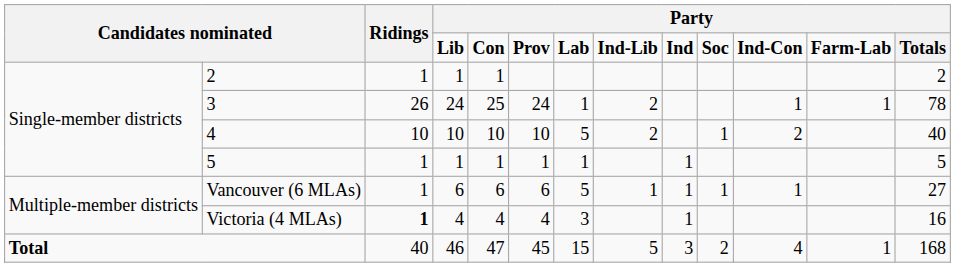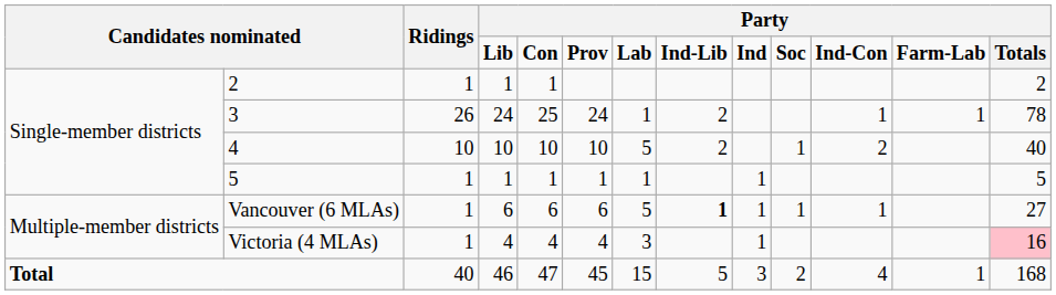 <table class="wikitable" style="text-align:right;">
 <tr>
 <th rowspan="2" colspan="2">Candidates nominated</th>
 <th rowspan="2">Ridings</th>
 <th colspan="13">Party</th>
 </tr>
 <tr>
 <td><strong>Lib</strong></td>
 <td><strong>Con</strong></td>
 <td><strong>Prov</strong></td>
 <td><strong>Lab</strong></td>
 <td><strong>Ind-Lib</strong></td>
 <td><strong>Ind</strong></td>
 <td><strong>Soc</strong></td>
 <td><strong>Ind-Con</strong></td>
 <td><strong>Farm-Lab</strong></td>
 <th>Totals</th>
 </tr>
 <tr>
 <td style="text-align:left;" rowspan="4">Single-member districts</td>
 <td style="text-align:left;">2</td>
 <td>1</td>
 <td>1</td>
 <td>1</td>
 <td></td>
 <td></td>
 <td></td>
 <td></td>
 <td></td>
 <td></td>
 <td></td>
 <td>2</td>
 </tr>
 <tr>
 <td style="text-align:left;">3</td>
 <td>26</td>
 <td>24</td>
 <td>25</td>
 <td>24</td>
 <td>1</td>
 <td>2</td>
 <td></td>
 <td></td>
 <td>1</td>
 <td>1</td>
 <td>78</td>
 </tr>
 <tr>
 <td style="text-align:left;">4</td>
 <td>10</td>
 <td>10</td>
 <td>10</td>
 <td>10</td>
 <td>5</td>
 <td>2</td>
 <td></td>
 <td>1</td>
 <td>2</td>
 <td></td>
 <td>40</td>
 </tr>
 <tr>
 <td style="text-align:left;">5</td>
 <td>1</td>
 <td>1</td>
 <td>1</td>
 <td>1</td>
 <td>1</td>
 <td></td>
 <td>1</td>
 <td></td>
 <td></td>
 <td></td>
 <td>5</td>
 </tr>
 <tr>
 <td style="text-align:left;" rowspan="2">Multiple-member districts</td>
 <td style="text-align:left;">Vancouver (6 MLAs)</td>
 <td>1</td>
 <td>6</td>
 <td>6</td>
 <td>6</td>
 <td>5</td>
-<td>1</td>
+<td><strong>1</strong></td>
 <td>1</td>
 <td>1</td>
 <td>1</td>
 <td></td>
 <td>27</td>
 </tr>
 <tr>
 <td style="text-align:left;">Victoria (4 MLAs)</td>
-<td><strong>1</strong></td>
+<td>1</td>
 <td>4</td>
 <td>4</td>
 <td>4</td>
 <td>3</td>
 <td></td>
 <td>1</td>
 <td></td>
 <td></td>
 <td></td>
-<td>16</td>
+<td style="background: pink;">16</td>
 </tr>
 <tr>
 <td style="text-align:left;" colspan="2"><strong>Total</strong></td>
 <td>40</td>
 <td>46</td>
 <td>47</td>
 <td>45</td>
 <td>15</td>
 <td>5</td>
 <td>3</td>
 <td>2</td>
 <td>4</td>
 <td>1</td>
 <td>168</td>
 </tr>
 </table>
